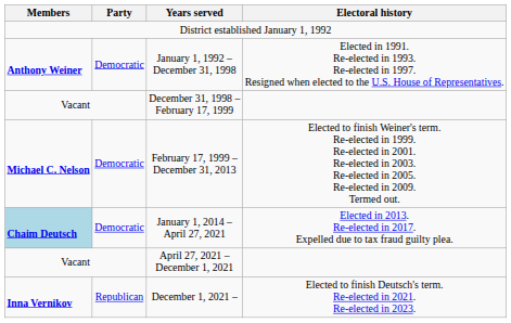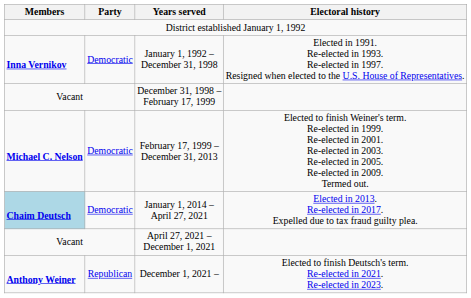 <table class=wikitable style="text-align:center">
 <tr>
 <th>Members</th>
 <th>Party</th>
 <th>Years served</th>
 <th>Electoral history</th>
 </tr>
 <tr>
 <td colspan=5>District established January 1, 1992</td>
 </tr>
 <tr>
-<td align=left><br><strong><a href='#'>Anthony Weiner</a></strong><br></td>
+<td align=left><br><strong><a href='#'>Inna Vernikov</a></strong><br></td>
 <td><a href='#'>Democratic</a></td>
 <td>January 1, 1992 – <br> December 31, 1998</td>
 <td>Elected in 1991. <br> Re-elected in 1993. <br> Re-elected in 1997. <br> Resigned when elected to the <a href='#'>U.S. House of Representatives</a>.</td>
 </tr>
 <tr>
 <td colspan=2>Vacant</td>
 <td>December 31, 1998 – <br> February 17, 1999</td>
 <td></td>
 </tr>
 <tr>
 <td align=left><br><strong><a href='#'>Michael C. Nelson</a></strong><br></td>
 <td><a href='#'>Democratic</a></td>
 <td>February 17, 1999 – <br> December 31, 2013</td>
 <td>Elected to finish Weiner's term. <br> Re-elected in 1999. <br> Re-elected in 2001. <br> Re-elected in 2003. <br> Re-elected in 2005. <br> Re-elected in 2009. <br> Termed out.</td>
 </tr>
 <tr>
 <td align=left style="background: lightblue;"><br><strong><a href='#'>Chaim Deutsch</a></strong><br></td>
 <td><a href='#'>Democratic</a></td>
 <td>January 1, 2014 – <br> April 27, 2021</td>
 <td><a href='#'>Elected in 2013</a>. <br> <a href='#'>Re-elected in 2017</a>. <br> Expelled due to tax fraud guilty plea.</td>
 </tr>
 <tr>
 <td colspan=2>Vacant</td>
 <td>April 27, 2021 – <br> December 1, 2021</td>
 <td></td>
 </tr>
 <tr>
-<td align=left><br><strong><a href='#'>Inna Vernikov</a></strong><br></td>
+<td align=left><br><strong><a href='#'>Anthony Weiner</a></strong><br></td>
 <td><a href='#'>Republican</a></td>
 <td>December 1, 2021 – <br></td>
 <td>Elected to finish Deutsch's term. <br> <a href='#'>Re-elected in 2021</a>. <br> <a href='#'>Re-elected in 2023</a>.</td>
 </tr>
 </table>
